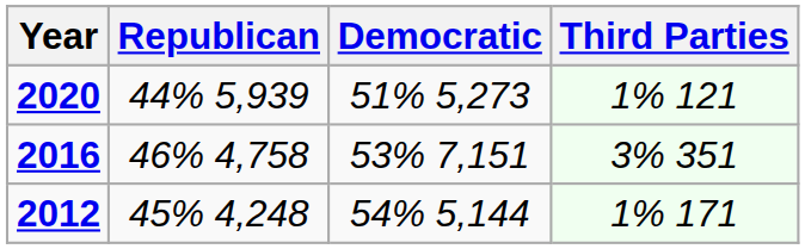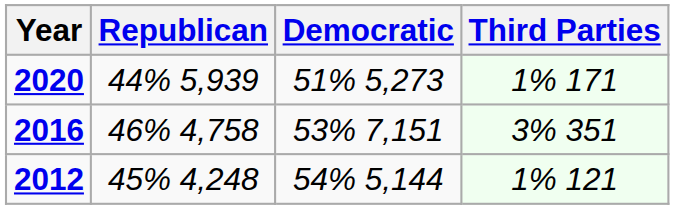 <table class="wikitable" style="float:right; font-size:95%;">
 <tr bgcolor=lightgrey>
 <th>Year</th>
 <th><a href='#'>Republican</a></th>
 <th><a href='#'>Democratic</a></th>
 <th><a href='#'>Third Parties</a></th>
 </tr>
 <tr>
 <td style="text-align:center; "><strong><a href='#'>2020</a></strong></td>
 <td style="text-align:center; "><em>44%</em> <em>5,939</em></td>
 <td style="text-align:center; "><em>51%</em> <em>5,273</em></td>
-<td style="text-align:center; background:honeyDew;"><em>1%</em> <em>121</em></td>
+<td style="text-align:center; background:honeyDew;"><em>1%</em> <em>171</em></td>
 </tr>
 <tr>
 <td style="text-align:center; "><strong><a href='#'>2016</a></strong></td>
 <td style="text-align:center; "><em>46%</em> <em>4,758</em></td>
 <td style="text-align:center; "><em>53%</em> <em>7,151</em></td>
 <td style="text-align:center; background:honeyDew;"><em>3%</em> <em>351</em></td>
 </tr>
 <tr>
 <td style="text-align:center; "><strong><a href='#'>2012</a></strong></td>
 <td style="text-align:center; "><em>45%</em> <em>4,248</em></td>
 <td style="text-align:center; "><em>54%</em> <em>5,144</em></td>
-<td style="text-align:center; background:honeyDew;"><em>1%</em> <em>171</em></td>
+<td style="text-align:center; background:honeyDew;"><em>1%</em> <em>121</em></td>
 </tr>
 </table>
